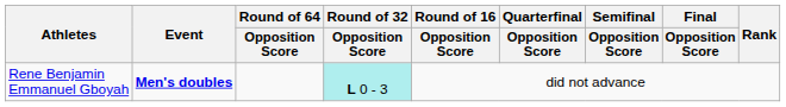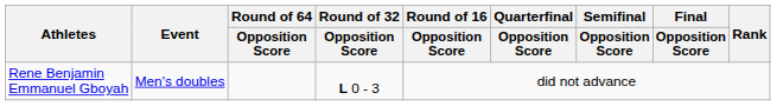 <table class="wikitable" style="font-size:90%">
 <tr>
 <th rowspan=2>Athletes</th>
 <th rowspan=2>Event</th>
 <th>Round of 64</th>
 <th>Round of 32</th>
 <th>Round of 16</th>
 <th>Quarterfinal</th>
 <th>Semifinal</th>
 <th>Final</th>
 <th rowspan=2>Rank</th>
 </tr>
 <tr style="font-size:95%">
 <th>Opposition<br>Score</th>
 <th>Opposition<br>Score</th>
 <th>Opposition<br>Score</th>
 <th>Opposition<br>Score</th>
 <th>Opposition<br>Score</th>
 <th>Opposition<br>Score</th>
 </tr>
 <tr align=center>
 <td align=left><a href='#'>Rene Benjamin</a><br><a href='#'>Emmanuel Gboyah</a></td>
-<td align=left><strong><a href='#'>Men's doubles</a></strong></td>
+<td align=left><a href='#'>Men's doubles</a></td>
 <td></td>
-<td style="background: paleturquoise;"><br><strong>L</strong> 0 - 3</td>
+<td><br><strong>L</strong> 0 - 3</td>
 <td colspan=5>did not advance</td>
 </tr>
 </table>
